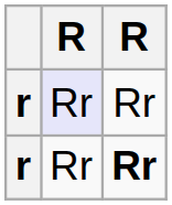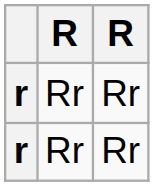 <table class="wikitable" style="text-align: center;">
 <tr>
 <th></th>
 <th>R</th>
 <th>R</th>
 </tr>
 <tr>
 <th>r</th>
-<td style="background: lavender;">Rr</td>
+<td>Rr</td>
 <td>Rr</td>
 </tr>
 <tr>
 <th>r</th>
 <td>Rr</td>
-<td><strong>Rr</strong></td>
+<td>Rr</td>
 </tr>
 </table>
